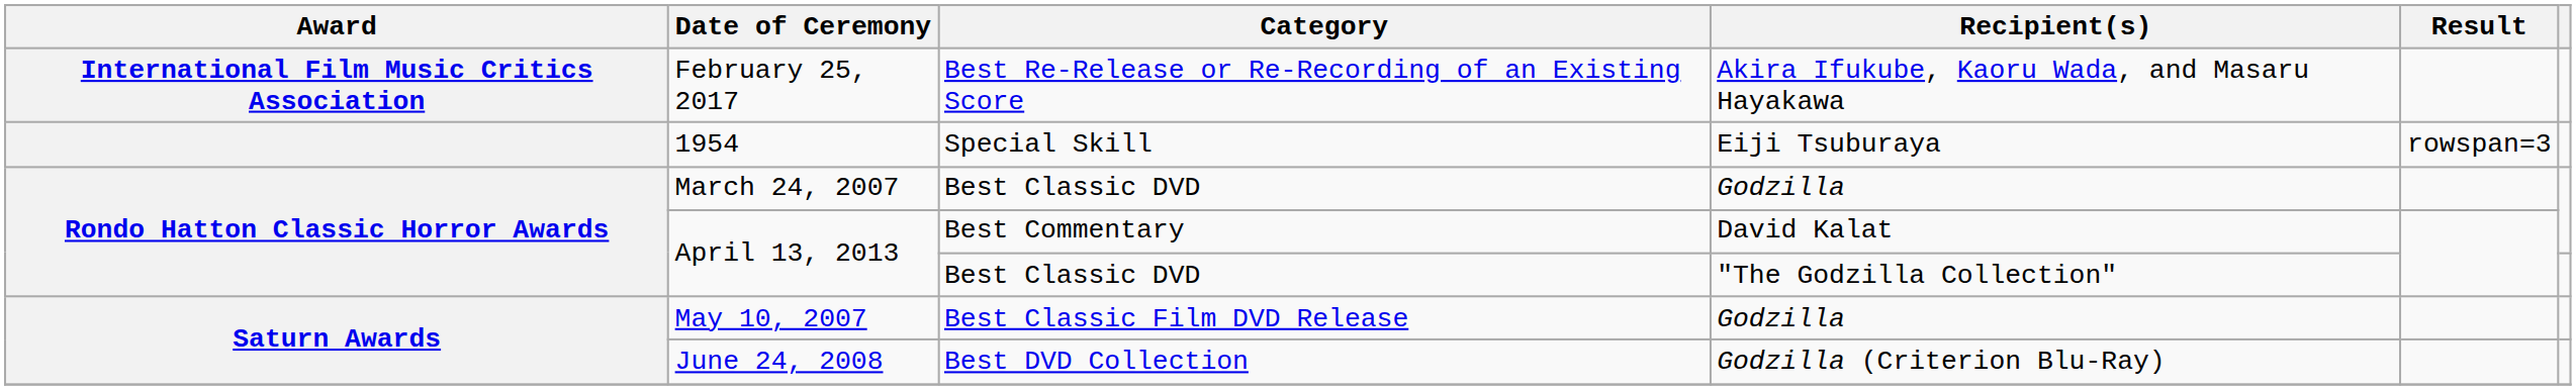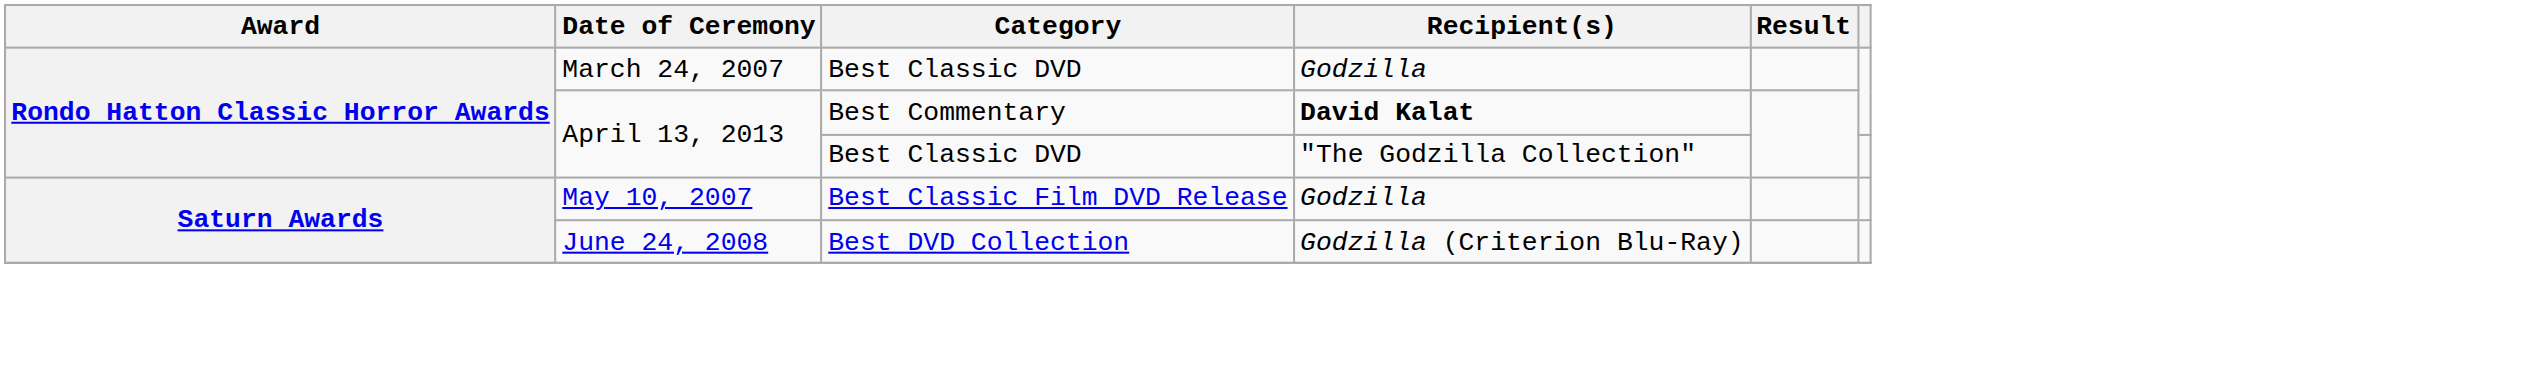 <table class="wikitable sortable">
 <tr>
 <th scope="col">Award</th>
 <th scope="col">Date of Ceremony</th>
 <th scope="col">Category</th>
 <th scope="col">Recipient(s)</th>
 <th scope="col">Result</th>
 <th scope="col" class="sortable"></th>
-</tr>
-<tr>
-<th scope="row" style="text-align:center;"><a href='#'>International Film Music Critics Association</a></th>
-<td>February 25, 2017</td>
-<td><a href='#'>Best Re-Release or Re-Recording of an Existing Score</a></td>
-<td><a href='#'>Akira Ifukube</a>, <a href='#'>Kaoru Wada</a>, and Masaru Hayakawa</td>
-<td></td>
-<td></td>
-</tr>
-<tr>
-<th scope="row" style="text-align:center;"></th>
-<td>1954</td>
-<td>Special Skill</td>
-<td>Eiji Tsuburaya</td>
-<td>rowspan=3 </td>
-<td></td>
 </tr>
 <tr>
 <th scope="row" rowspan=3 style="text-align:center;"><a href='#'>Rondo Hatton Classic Horror Awards</a></th>
 <td>March 24, 2007</td>
 <td>Best Classic DVD</td>
 <td><em>Godzilla</em></td>
 <td></td>
 </tr>
 <tr>
 <td rowspan=2>April 13, 2013</td>
 <td>Best Commentary</td>
-<td>David Kalat</td>
+<td><strong>David Kalat</strong></td>
 <td rowspan=2></td>
 </tr>
 <tr>
 <td>Best Classic DVD</td>
 <td>"The Godzilla Collection"</td>
 <td></td>
 </tr>
 <tr>
 <th scope="row" rowspan=2 style="text-align:center;"><a href='#'>Saturn Awards</a></th>
 <td><a href='#'>May 10, 2007</a></td>
 <td><a href='#'>Best Classic Film DVD Release</a></td>
 <td><em>Godzilla</em></td>
 <td></td>
 <td></td>
 </tr>
 <tr>
 <td><a href='#'>June 24, 2008</a></td>
 <td><a href='#'>Best DVD Collection</a></td>
 <td><em>Godzilla</em> (Criterion Blu-Ray)</td>
 <td></td>
 <td></td>
 </tr>
 <tr>
 </tr>
 </table>
